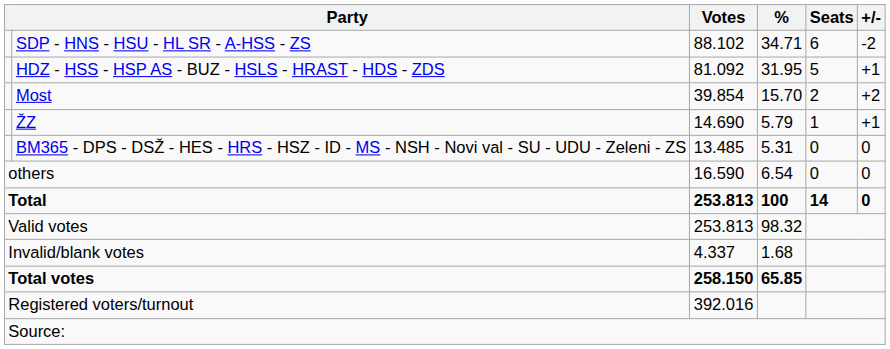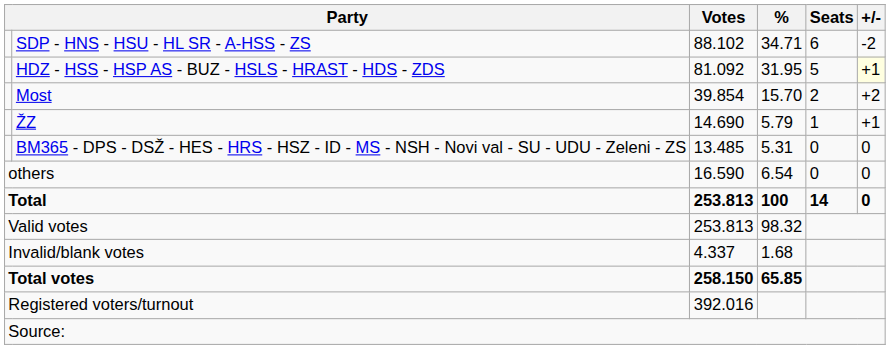 <table class="wikitable" style="text-align: left;">
 <tr>
 <th colspan="2">Party</th>
 <th>Votes</th>
 <th>%</th>
 <th>Seats</th>
 <th>+/-</th>
 </tr>
 <tr>
 <td style="background-color: "></td>
 <td><a href='#'>SDP</a> - <a href='#'>HNS</a> - <a href='#'>HSU</a> - <a href='#'>HL SR</a> - <a href='#'>A-HSS</a> - <a href='#'>ZS</a></td>
 <td>88.102</td>
 <td>34.71</td>
 <td>6</td>
 <td>-2</td>
 </tr>
 <tr>
 <td style="background-color: "></td>
 <td><a href='#'>HDZ</a> - <a href='#'>HSS</a> - <a href='#'>HSP AS</a> - BUZ - <a href='#'>HSLS</a> - <a href='#'>HRAST</a> - <a href='#'>HDS</a> - <a href='#'>ZDS</a></td>
 <td>81.092</td>
 <td>31.95</td>
 <td>5</td>
-<td>+1</td>
+<td style="background: lightyellow;">+1</td>
 </tr>
 <tr>
 <td style="background-color: "></td>
 <td><a href='#'>Most</a></td>
 <td>39.854</td>
 <td>15.70</td>
 <td>2</td>
 <td>+2</td>
 </tr>
 <tr>
 <td style="background-color: "></td>
 <td><a href='#'>ŽZ</a></td>
 <td>14.690</td>
 <td>5.79</td>
 <td>1</td>
 <td>+1</td>
 </tr>
 <tr>
 <td style="background-color: "></td>
 <td><a href='#'>BM365</a> - DPS - DSŽ - HES - <a href='#'>HRS</a> - HSZ - ID - <a href='#'>MS</a> - NSH - Novi val - SU - UDU - Zeleni - ZS</td>
 <td>13.485</td>
 <td>5.31</td>
 <td>0</td>
 <td>0</td>
 </tr>
 <tr>
 <td colspan="2">others</td>
 <td>16.590</td>
 <td>6.54</td>
 <td>0</td>
 <td>0</td>
 </tr>
 <tr>
 <td colspan="2"><strong>Total</strong></td>
 <td><strong>253.813</strong></td>
 <td><strong>100</strong></td>
 <td><strong>14</strong></td>
 <td><strong>0</strong></td>
 </tr>
 <tr>
 <td colspan="2">Valid votes</td>
 <td>253.813</td>
 <td>98.32</td>
 <td colspan="2"></td>
 </tr>
 <tr>
 <td colspan="2">Invalid/blank votes</td>
 <td>4.337</td>
 <td>1.68</td>
 <td colspan="2"></td>
 </tr>
 <tr>
 <td colspan="2"><strong>Total votes</strong></td>
 <td><strong>258.150</strong></td>
 <td><strong>65.85</strong></td>
 <td colspan="2"></td>
 </tr>
 <tr>
 <td colspan="2">Registered voters/turnout</td>
 <td votes14="5343">392.016</td>
 <td></td>
 <td colspan="2"></td>
 </tr>
 <tr>
 <td colspan="6">Source: </td>
 </tr>
 </table>
